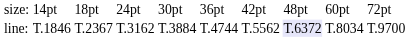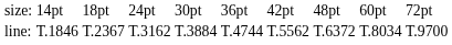 <table style="margin-left:40px;">
 <tr>
 <td>size:</td>
 <td>14pt</td>
 <td>18pt</td>
 <td>24pt</td>
 <td>30pt</td>
 <td>36pt</td>
 <td>42pt</td>
 <td>48pt</td>
 <td>60pt</td>
 <td>72pt</td>
 </tr>
 <tr>
 <td>line:</td>
 <td>T.1846</td>
 <td>T.2367</td>
 <td>T.3162</td>
 <td>T.3884</td>
 <td>T.4744</td>
 <td>T.5562</td>
-<td style="background: lavender;">T.6372</td>
+<td>T.6372</td>
 <td>T.8034</td>
 <td>T.9700</td>
 </tr>
 </table>
